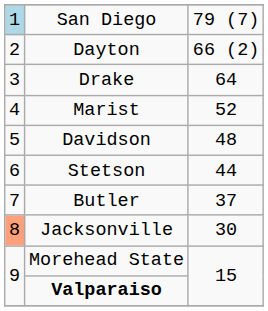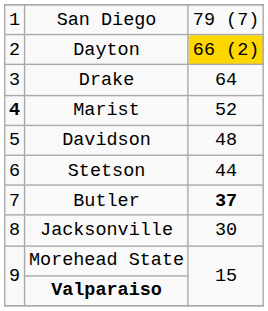 <table class="wikitable">
 <tr align="center">
 </tr>
 <tr align="center">
-<td style="background: lightblue;">1</td>
+<td>1</td>
 <td>San Diego</td>
 <td>79 (7)</td>
 </tr>
 <tr align="center">
 <td>2</td>
 <td>Dayton</td>
-<td>66 (2)</td>
+<td style="background: gold;">66 (2)</td>
 </tr>
 <tr align="center">
 <td>3</td>
 <td>Drake</td>
 <td>64</td>
 </tr>
 <tr align="center">
-<td>4</td>
+<td><strong>4</strong></td>
 <td>Marist</td>
 <td>52</td>
 </tr>
 <tr align="center">
 <td>5</td>
 <td>Davidson</td>
 <td>48</td>
 </tr>
 <tr align="center">
 <td>6</td>
 <td>Stetson</td>
 <td>44</td>
 </tr>
 <tr align="center">
 <td>7</td>
 <td>Butler</td>
-<td>37</td>
+<td><strong>37</strong></td>
 </tr>
 <tr align="center">
-<td style="background: lightsalmon;">8</td>
+<td>8</td>
 <td>Jacksonville</td>
 <td>30</td>
 </tr>
 <tr align="center">
 <td rowspan=2>9</td>
 <td>Morehead State</td>
 <td rowspan=2>15</td>
 </tr>
 <tr align="center">
 <td><strong>Valparaiso</strong></td>
 </tr>
 <tr>
 </tr>
 </table>
